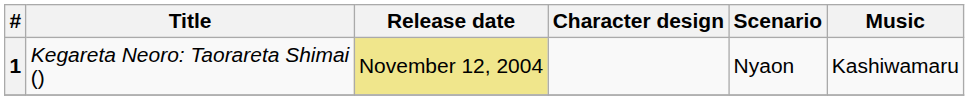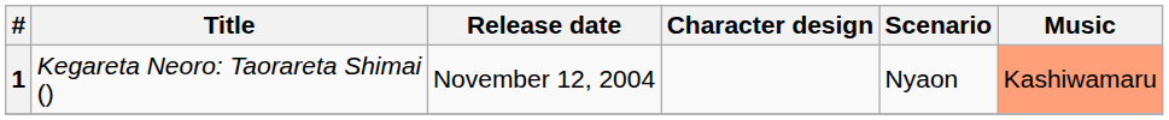 <table class="wikitable" style="white-space:nowrap">
 <tr>
 <th>#</th>
 <th>Title</th>
 <th>Release date</th>
 <th>Character design</th>
 <th>Scenario</th>
 <th>Music</th>
 </tr>
 <tr>
 <th>1</th>
 <td><em>Kegareta Neoro: Taorareta Shimai</em><br>()</td>
-<td style="background: khaki;">November 12, 2004</td>
+<td>November 12, 2004</td>
 <td></td>
 <td>Nyaon<br></td>
-<td>Kashiwamaru</td>
+<td style="background: lightsalmon;">Kashiwamaru</td>
 </tr>
 <tr>
 </tr>
 </table>
